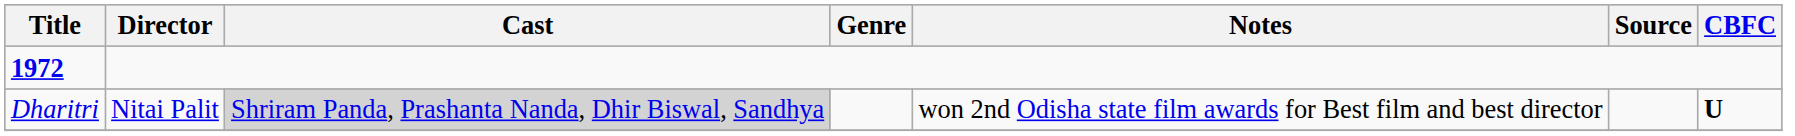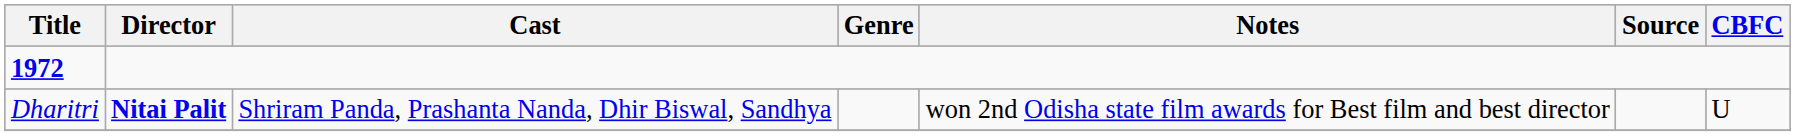 <table class="wikitable">
 <tr>
 <th>Title</th>
 <th>Director</th>
 <th>Cast</th>
 <th>Genre</th>
 <th>Notes</th>
 <th>Source</th>
 <th><a href='#'>CBFC</a></th>
 </tr>
 <tr>
 <td><strong><a href='#'>1972</a></strong></td>
 </tr>
 <tr>
 <td><em><a href='#'>Dharitri</a></em></td>
-<td><a href='#'>Nitai Palit</a></td>
-<td style="background: lightgrey;"><a href='#'>Shriram Panda</a>, <a href='#'>Prashanta Nanda</a>, <a href='#'>Dhir Biswal</a>, <a href='#'>Sandhya</a></td>
+<td><strong><a href='#'>Nitai Palit</a></strong></td>
+<td><a href='#'>Shriram Panda</a>, <a href='#'>Prashanta Nanda</a>, <a href='#'>Dhir Biswal</a>, <a href='#'>Sandhya</a></td>
 <td></td>
 <td>won 2nd <a href='#'>Odisha state film awards</a> for Best film and best director</td>
 <td></td>
-<td><strong>U</strong></td>
+<td>U</td>
 </tr>
 <tr>
 </tr>
 </table>
